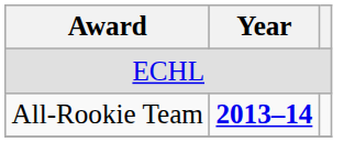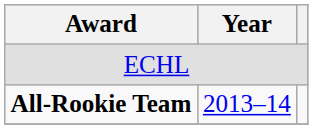 <table class="wikitable">
 <tr>
 <th>Award</th>
 <th>Year</th>
 <th></th>
 </tr>
 <tr ALIGN="center" bgcolor="#e0e0e0">
 <td colspan="3"><a href='#'>ECHL</a></td>
 </tr>
 <tr>
-<td>All-Rookie Team</td>
-<td><strong><a href='#'>2013–14</a></strong></td>
+<td><strong>All-Rookie Team</strong></td>
+<td><a href='#'>2013–14</a></td>
 <td></td>
 </tr>
 <tr>
 </tr>
 </table>
